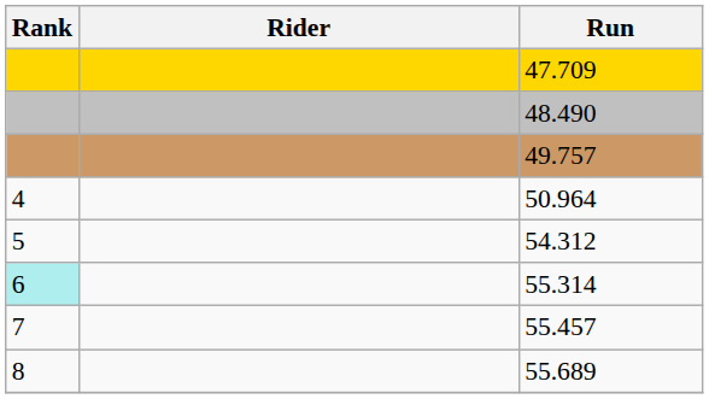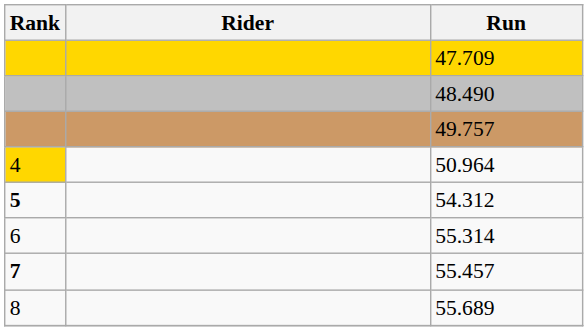 <table class="wikitable" style="font-size:95%" style="text-align:center">
 <tr>
 <th>Rank</th>
 <th width=250>Rider</th>
 <th width=100>Run</th>
 </tr>
 <tr bgcolor=gold>
 <td></td>
 <td align=left></td>
 <td>47.709</td>
 </tr>
 <tr bgcolor=silver>
 <td></td>
 <td align=left></td>
 <td>48.490</td>
 </tr>
 <tr bgcolor=cc9966>
 <td></td>
 <td align=left></td>
 <td>49.757</td>
 </tr>
 <tr>
-<td>4</td>
+<td style="background: gold;">4</td>
 <td align=left></td>
 <td>50.964</td>
 </tr>
 <tr>
-<td>5</td>
+<td><strong>5</strong></td>
 <td align=left></td>
 <td>54.312</td>
 </tr>
 <tr>
-<td style="background: paleturquoise;">6</td>
+<td>6</td>
 <td align=left></td>
 <td>55.314</td>
 </tr>
 <tr>
-<td>7</td>
+<td><strong>7</strong></td>
 <td align=left></td>
 <td>55.457</td>
 </tr>
 <tr>
 <td>8</td>
 <td align=left></td>
 <td>55.689</td>
 </tr>
 <tr>
 </tr>
 </table>
